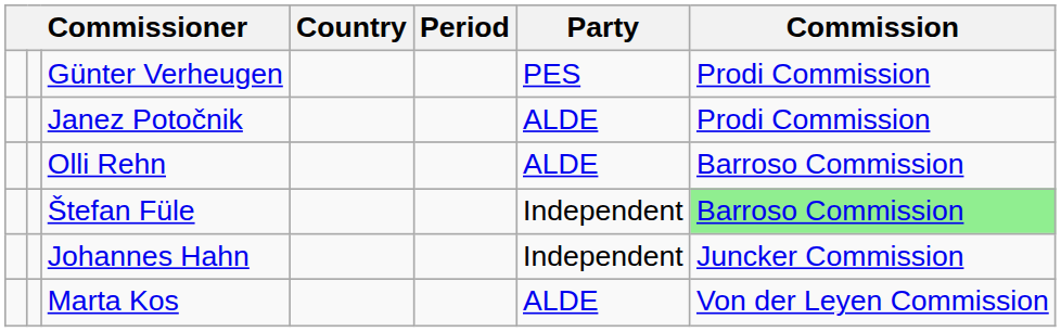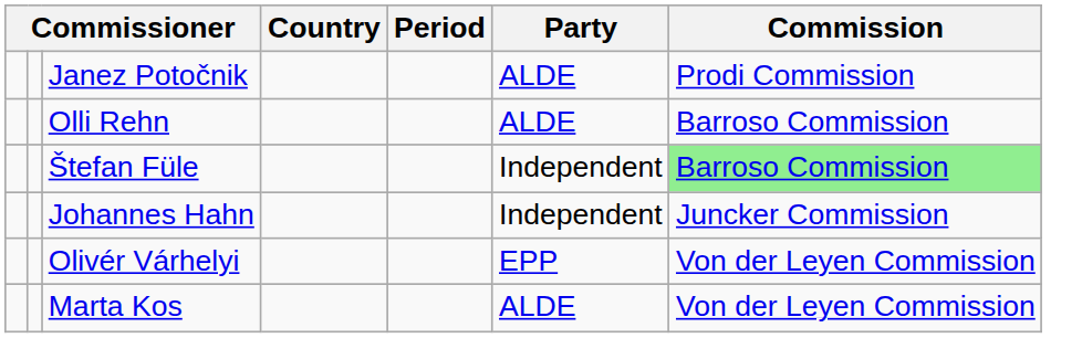 <table class="wikitable".>
 <tr>
 <th colspan=3>Commissioner</th>
 <th>Country</th>
 <th>Period</th>
 <th>Party</th>
 <th>Commission</th>
-</tr>
-<tr>
-<td style="background-color: "></td>
-<td></td>
-<td><a href='#'>Günter Verheugen</a></td>
-<td></td>
-<td></td>
-<td><a href='#'>PES</a></td>
-<td><a href='#'>Prodi Commission</a></td>
 </tr>
 <tr>
 <td width=5px style="background-color: "></td>
 <td></td>
 <td><a href='#'>Janez Potočnik</a></td>
 <td></td>
 <td></td>
 <td><a href='#'>ALDE</a></td>
 <td><a href='#'>Prodi Commission</a></td>
 </tr>
 <tr>
 <td width=5px style="background-color: "></td>
 <td></td>
 <td><a href='#'>Olli Rehn</a></td>
 <td></td>
 <td></td>
 <td><a href='#'>ALDE</a></td>
 <td><a href='#'>Barroso Commission</a></td>
 </tr>
 <tr>
 <td style="background-color: "></td>
 <td></td>
 <td><a href='#'>Štefan Füle</a></td>
 <td></td>
 <td></td>
 <td>Independent</td>
 <td style="background: lightgreen;"><a href='#'>Barroso Commission</a></td>
 </tr>
 <tr>
 <td width=5px style="background-color: "></td>
 <td></td>
 <td><a href='#'>Johannes Hahn</a></td>
 <td></td>
 <td></td>
 <td>Independent</td>
 <td><a href='#'>Juncker Commission</a></td>
 </tr>
 <tr>
 <td width=5px style="background-color: "></td>
 <td></td>
+<td><a href='#'>Olivér Várhelyi</a></td>
+<td></td>
+<td></td>
+<td><a href='#'>EPP</a></td>
+<td><a href='#'>Von der Leyen Commission</a></td>
+</tr>
+<tr>
+<td width=5px style="background-color: "></td>
+<td></td>
 <td><a href='#'>Marta Kos</a></td>
 <td></td>
 <td></td>
 <td><a href='#'>ALDE</a></td>
 <td><a href='#'>Von der Leyen Commission</a></td>
 </tr>
 </table>
